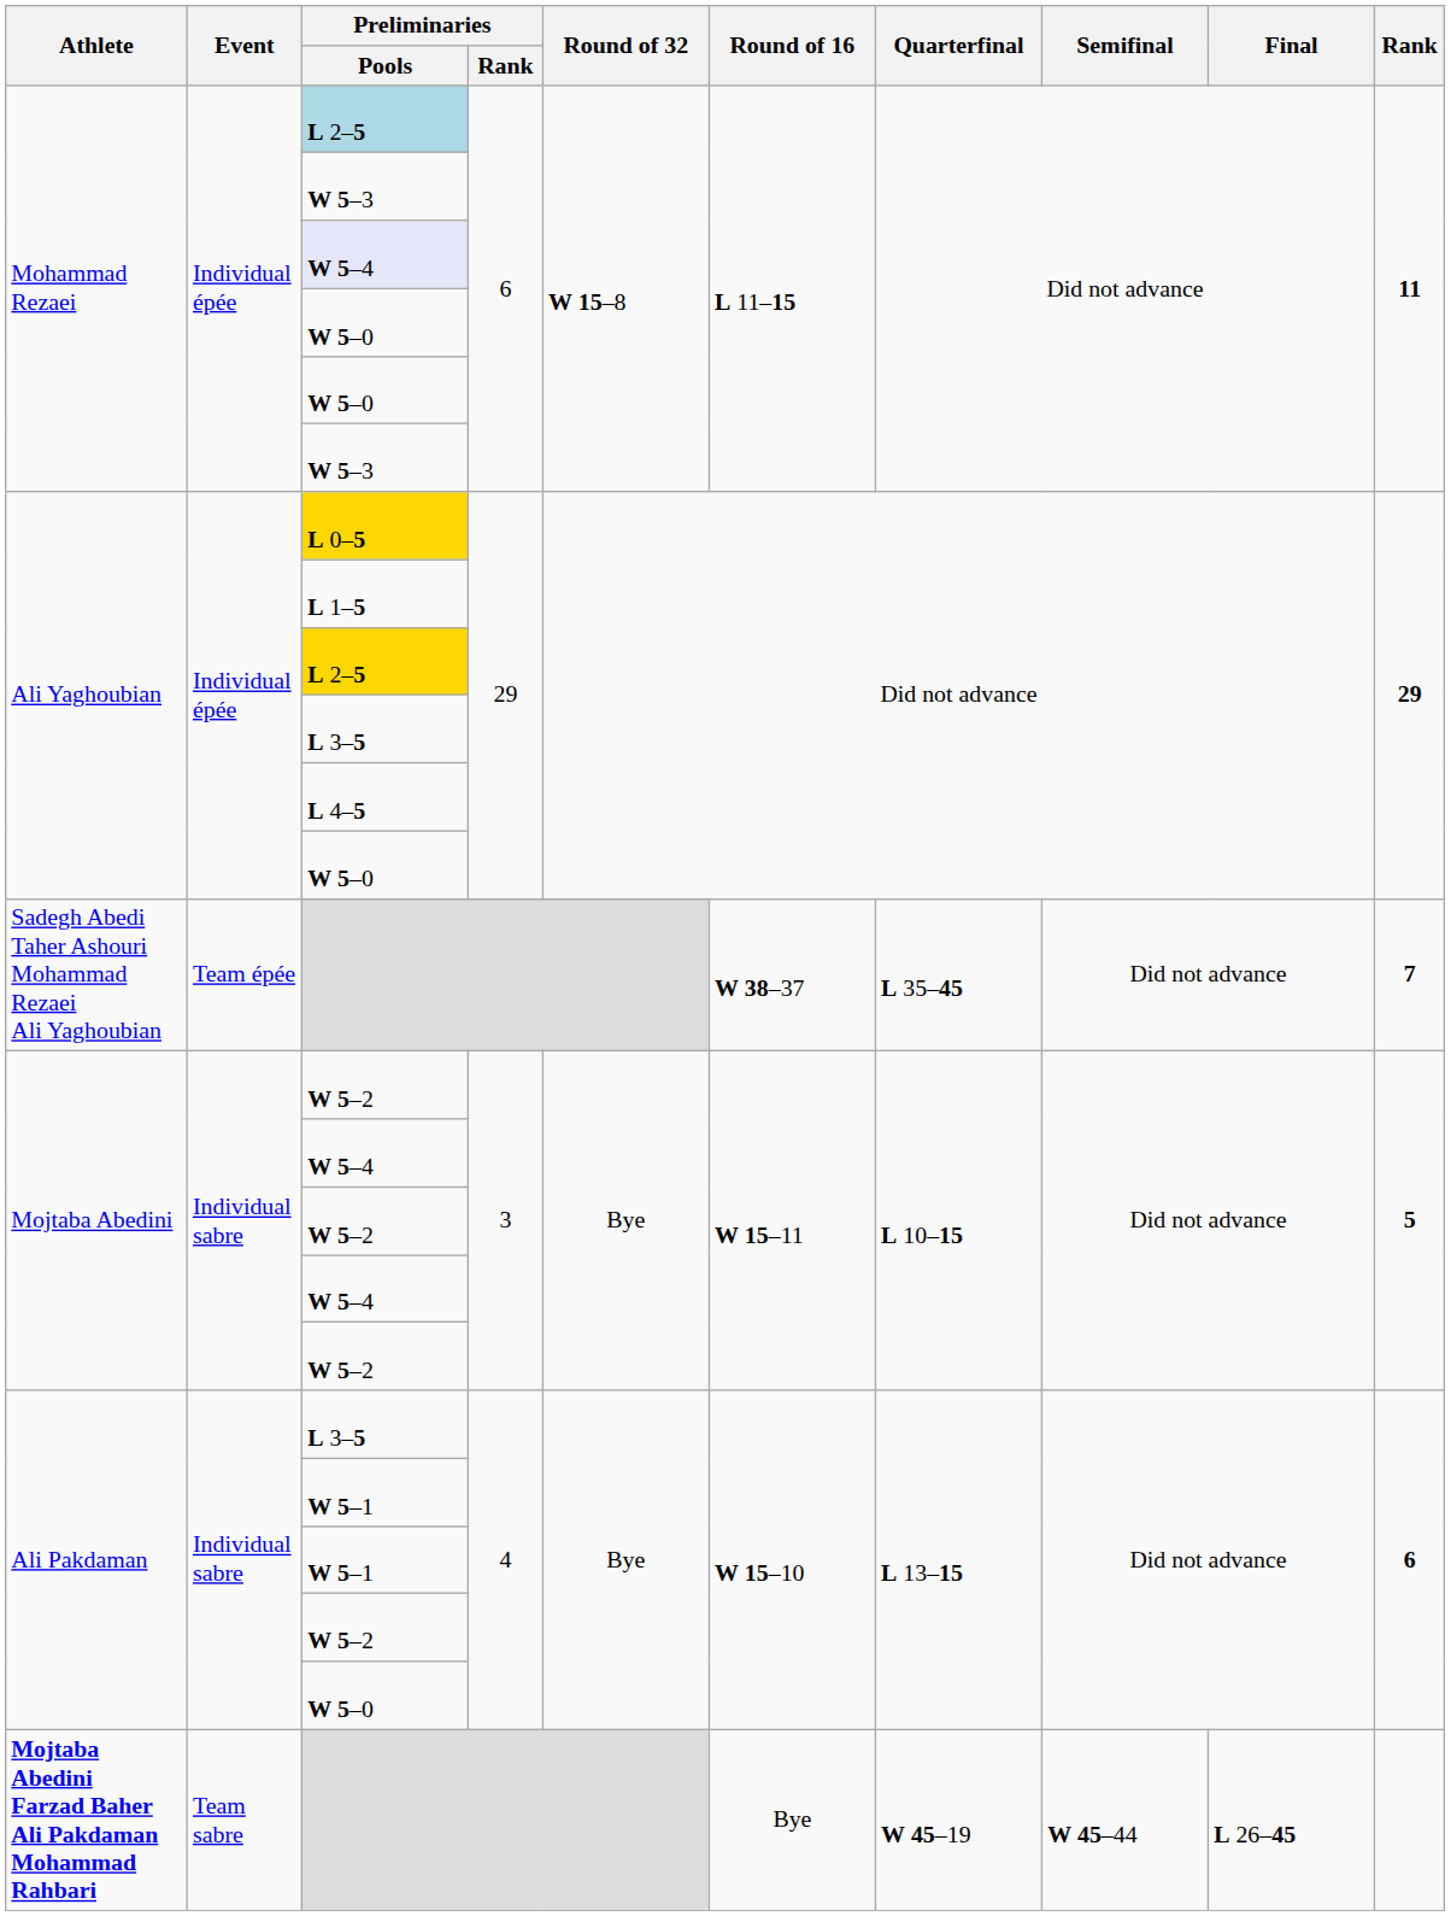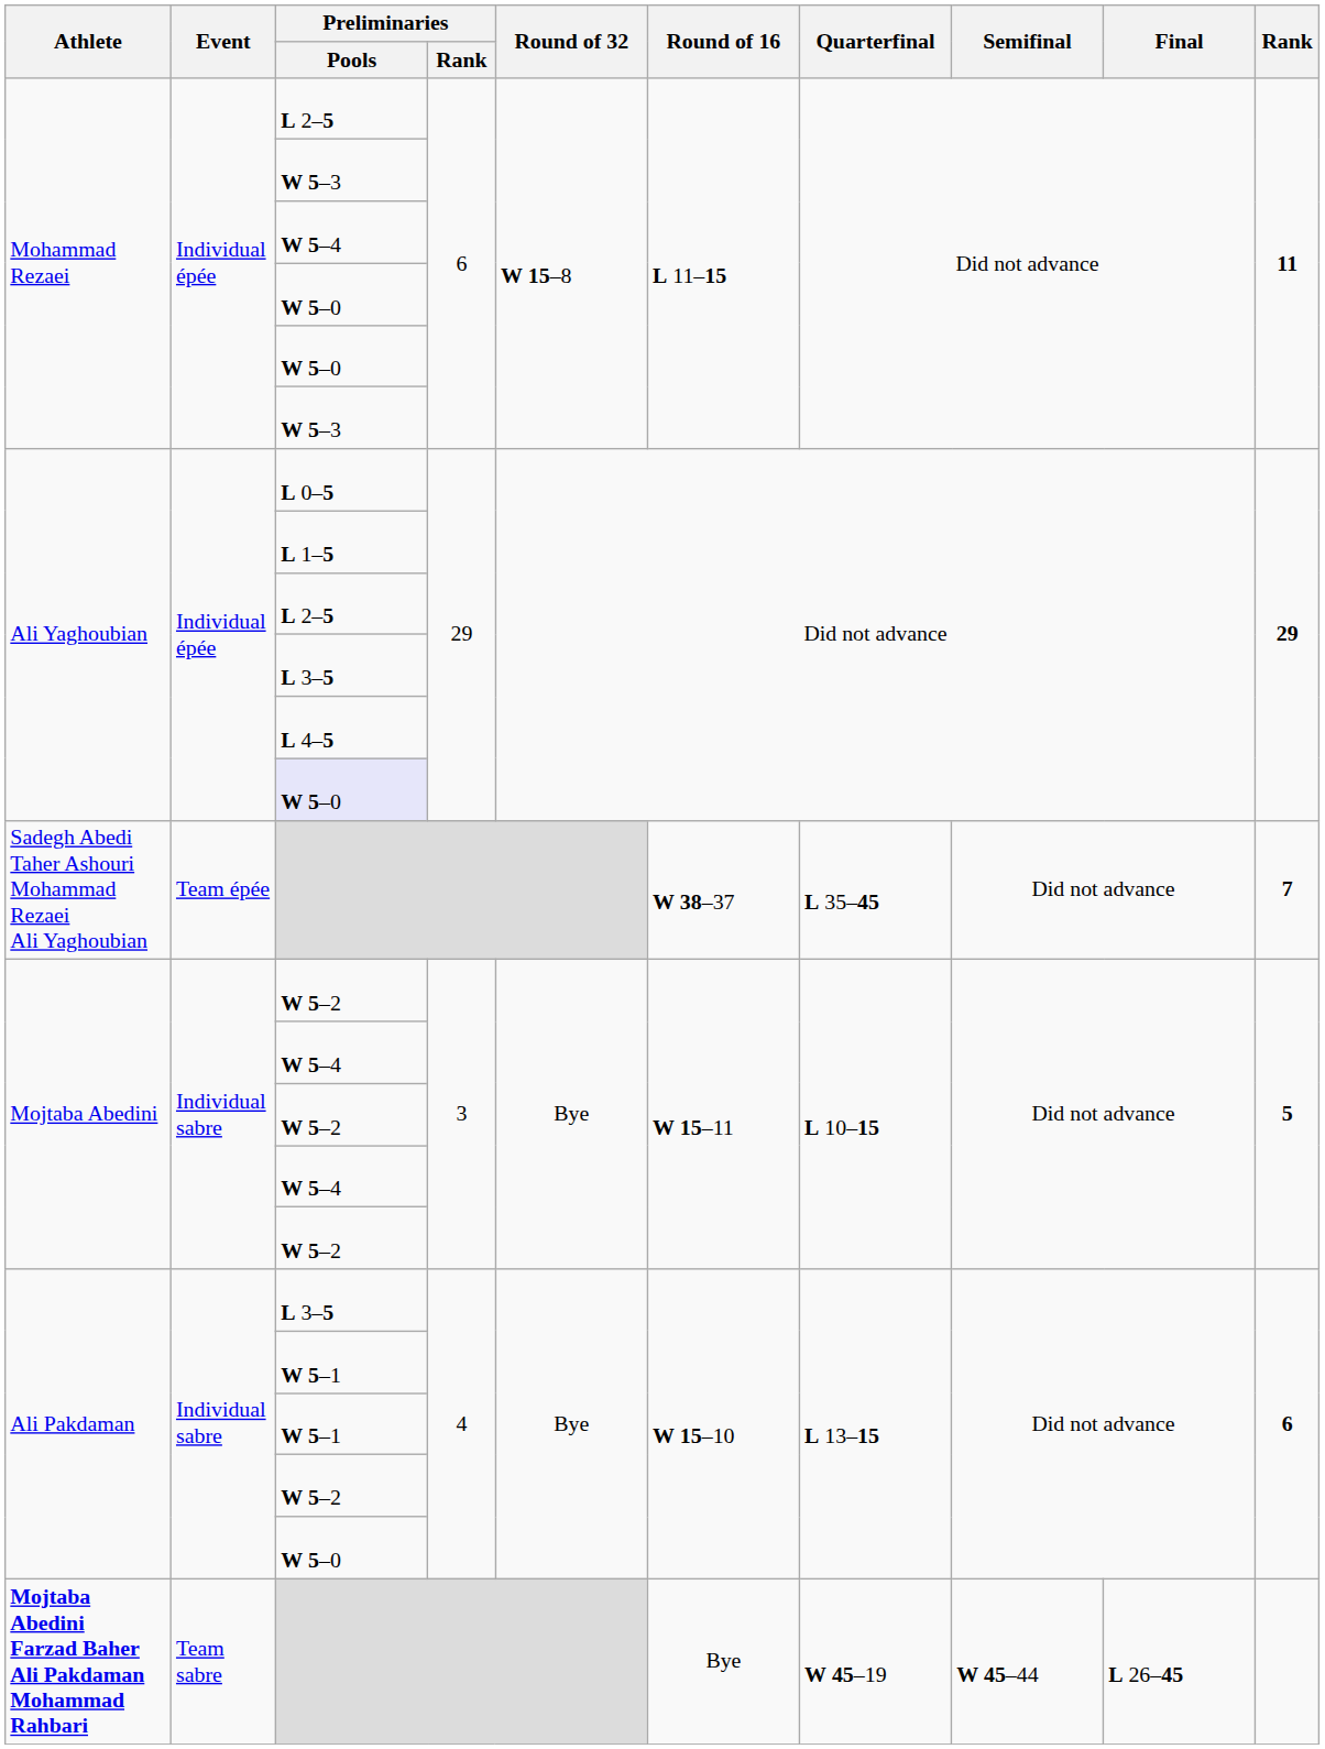 <table class="wikitable" width="98%" style="text-align:left; font-size:90%">
 <tr>
 <th rowspan="2" width="12%">Athlete</th>
 <th rowspan="2" width="7%">Event</th>
 <th colspan="2">Preliminaries</th>
 <th rowspan="2" width="11%">Round of 32</th>
 <th rowspan="2" width="11%">Round of 16</th>
 <th rowspan="2" width="11%">Quarterfinal</th>
 <th rowspan="2" width="11%">Semifinal</th>
 <th rowspan="2" width="11%">Final</th>
 <th rowspan="2" width="4%">Rank</th>
 </tr>
 <tr>
 <th width="11%">Pools</th>
 <th width="4%">Rank</th>
 </tr>
 <tr>
 <td rowspan="6"><a href='#'>Mohammad Rezaei</a></td>
 <td rowspan="6"><a href='#'>Individual épée</a></td>
-<td style="background: lightblue;"><br><strong>L</strong> 2–<strong>5</strong></td>
+<td><br><strong>L</strong> 2–<strong>5</strong></td>
 <td rowspan="6" align=center>6 <strong></strong></td>
 <td rowspan="6"><br><strong>W</strong> <strong>15</strong>–8</td>
 <td rowspan="6"><br><strong>L</strong> 11–<strong>15</strong></td>
 <td rowspan="6" colspan="3" align="center">Did not advance</td>
 <td rowspan="6" align="center"><strong>11</strong></td>
 </tr>
 <tr>
 <td><br><strong>W</strong> <strong>5</strong>–3</td>
 </tr>
 <tr>
-<td style="background: lavender;"><br><strong>W</strong> <strong>5</strong>–4</td>
+<td><br><strong>W</strong> <strong>5</strong>–4</td>
 </tr>
 <tr>
 <td><br><strong>W</strong> <strong>5</strong>–0</td>
 </tr>
 <tr>
 <td><br><strong>W</strong> <strong>5</strong>–0</td>
 </tr>
 <tr>
 <td><br><strong>W</strong> <strong>5</strong>–3</td>
 </tr>
 <tr>
 <td rowspan="6"><a href='#'>Ali Yaghoubian</a></td>
 <td rowspan="6"><a href='#'>Individual épée</a></td>
-<td style="background: gold;"><br><strong>L</strong> 0–<strong>5</strong></td>
+<td><br><strong>L</strong> 0–<strong>5</strong></td>
 <td rowspan="6" align=center>29</td>
 <td rowspan="6" colspan="5" align="center">Did not advance</td>
 <td rowspan="6" align="center"><strong>29</strong></td>
 </tr>
 <tr>
 <td><br><strong>L</strong> 1–<strong>5</strong></td>
 </tr>
 <tr>
-<td style="background: gold;"><br><strong>L</strong> 2–<strong>5</strong></td>
+<td><br><strong>L</strong> 2–<strong>5</strong></td>
 </tr>
 <tr>
 <td><br><strong>L</strong> 3–<strong>5</strong></td>
 </tr>
 <tr>
 <td><br><strong>L</strong> 4–<strong>5</strong></td>
 </tr>
 <tr>
-<td><br><strong>W</strong> <strong>5</strong>–0</td>
+<td style="background: lavender;"><br><strong>W</strong> <strong>5</strong>–0</td>
 </tr>
 <tr>
 <td><a href='#'>Sadegh Abedi</a><br><a href='#'>Taher Ashouri</a><br><a href='#'>Mohammad Rezaei</a><br><a href='#'>Ali Yaghoubian</a></td>
 <td><a href='#'>Team épée</a></td>
 <td colspan=3 bgcolor=#DCDCDC></td>
 <td><br><strong>W</strong> <strong>38</strong>–37</td>
 <td><br><strong>L</strong> 35–<strong>45</strong></td>
 <td colspan=2 align=center>Did not advance</td>
 <td align="center"><strong>7</strong></td>
 </tr>
 <tr>
 <td rowspan="5"><a href='#'>Mojtaba Abedini</a></td>
 <td rowspan="5"><a href='#'>Individual sabre</a></td>
 <td><br><strong>W</strong> <strong>5</strong>–2</td>
 <td rowspan="5" align=center>3 <strong></strong></td>
 <td rowspan="5" align="center">Bye</td>
 <td rowspan="5"><br><strong>W</strong> <strong>15</strong>–11</td>
 <td rowspan="5"><br><strong>L</strong> 10–<strong>15</strong></td>
 <td rowspan="5" colspan="2" align="center">Did not advance</td>
 <td rowspan="5" align="center"><strong>5</strong></td>
 </tr>
 <tr>
 <td><br><strong>W</strong> <strong>5</strong>–4</td>
 </tr>
 <tr>
 <td><br><strong>W</strong> <strong>5</strong>–2</td>
 </tr>
 <tr>
 <td><br><strong>W</strong> <strong>5</strong>–4</td>
 </tr>
 <tr>
 <td><br><strong>W</strong> <strong>5</strong>–2</td>
 </tr>
 <tr>
 <td rowspan="5"><a href='#'>Ali Pakdaman</a></td>
 <td rowspan="5"><a href='#'>Individual sabre</a></td>
 <td><br><strong>L</strong> 3–<strong>5</strong></td>
 <td rowspan="5" align=center>4 <strong></strong></td>
 <td rowspan="5" align="center">Bye</td>
 <td rowspan="5"><br><strong>W</strong> <strong>15</strong>–10</td>
 <td rowspan="5"><br><strong>L</strong> 13–<strong>15</strong></td>
 <td rowspan="5" colspan="2" align="center">Did not advance</td>
 <td rowspan="5" align="center"><strong>6</strong></td>
 </tr>
 <tr>
 <td><br><strong>W</strong> <strong>5</strong>–1</td>
 </tr>
 <tr>
 <td><br><strong>W</strong> <strong>5</strong>–1</td>
 </tr>
 <tr>
 <td><br><strong>W</strong> <strong>5</strong>–2</td>
 </tr>
 <tr>
 <td><br><strong>W</strong> <strong>5</strong>–0</td>
 </tr>
 <tr>
 <td><strong><a href='#'>Mojtaba Abedini</a><br><a href='#'>Farzad Baher</a><br><a href='#'>Ali Pakdaman</a><br><a href='#'>Mohammad Rahbari</a></strong></td>
 <td><a href='#'>Team sabre</a></td>
 <td colspan=3 bgcolor=#DCDCDC></td>
 <td align="center">Bye</td>
 <td><br><strong>W</strong> <strong>45</strong>–19</td>
 <td><br><strong>W</strong> <strong>45</strong>–44</td>
 <td><br><strong>L</strong> 26–<strong>45</strong></td>
 <td align="center"></td>
 </tr>
 </table>
